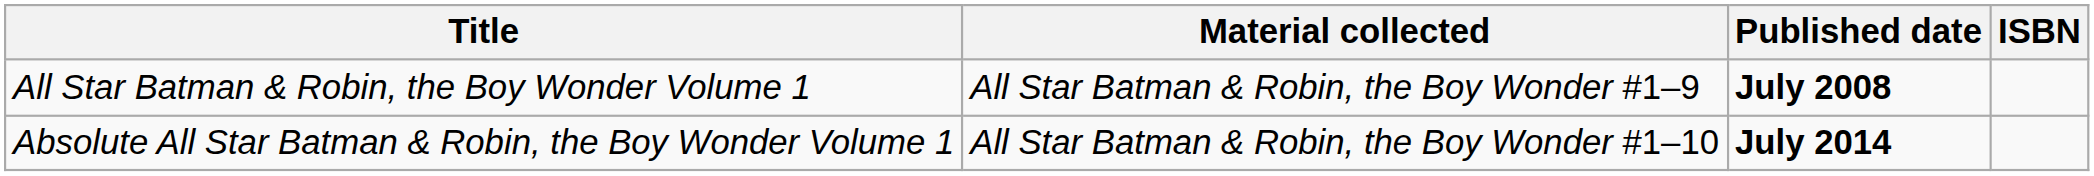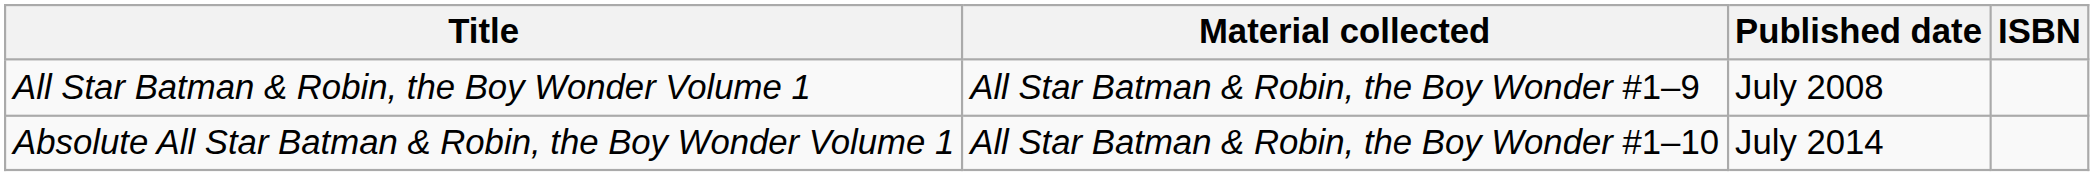 <table class="wikitable">
 <tr>
 <th>Title</th>
 <th>Material collected</th>
 <th>Published date</th>
 <th>ISBN</th>
 </tr>
 <tr>
 <td><em>All Star Batman & Robin, the Boy Wonder Volume 1</em></td>
 <td><em>All Star Batman & Robin, the Boy Wonder</em> #1–9</td>
-<td><strong>July 2008</strong></td>
+<td>July 2008</td>
 <td></td>
 </tr>
 <tr>
 <td><em>Absolute All Star Batman & Robin, the Boy Wonder Volume 1</em></td>
 <td><em>All Star Batman & Robin, the Boy Wonder</em> #1–10</td>
-<td><strong>July 2014</strong></td>
+<td>July 2014</td>
 <td></td>
 </tr>
 </table>
